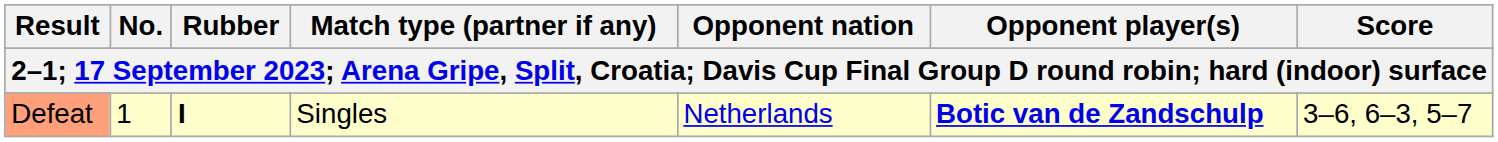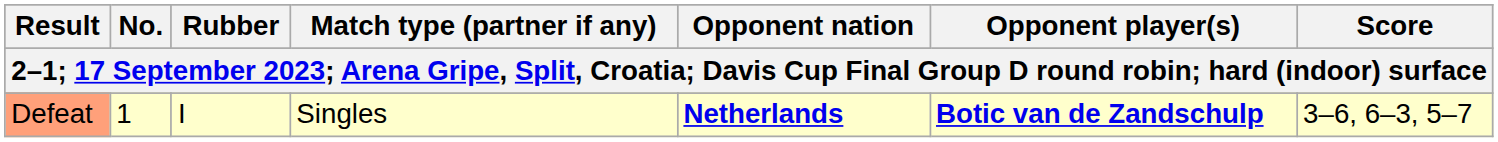 <table class=wikitable>
 <tr>
 <th>Result</th>
 <th>No.</th>
 <th>Rubber</th>
 <th>Match type (partner if any)</th>
 <th>Opponent nation</th>
 <th>Opponent player(s)</th>
 <th>Score</th>
 </tr>
 <tr>
 <th colspan=7>2–1; <a href='#'>17 September 2023</a>; <a href='#'>Arena Gripe</a>, <a href='#'>Split</a>, Croatia; Davis Cup Final Group D round robin; hard (indoor) surface</th>
 </tr>
 <tr bgcolor=#FFFFCC>
 <td bgcolor=FFA07A>Defeat</td>
 <td>1</td>
-<td><strong>I</strong></td>
+<td>I</td>
 <td>Singles</td>
-<td> <a href='#'>Netherlands</a></td>
+<td><strong> <a href='#'>Netherlands</a></strong></td>
 <td><strong><a href='#'>Botic van de Zandschulp</a></strong></td>
 <td>3–6, 6–3, 5–7</td>
 </tr>
 </table>
